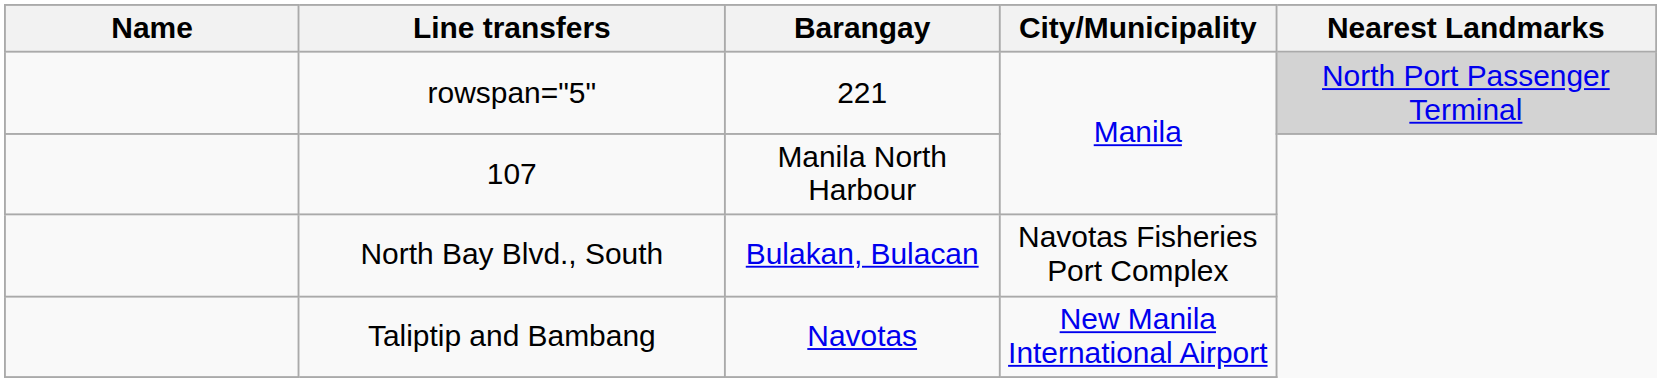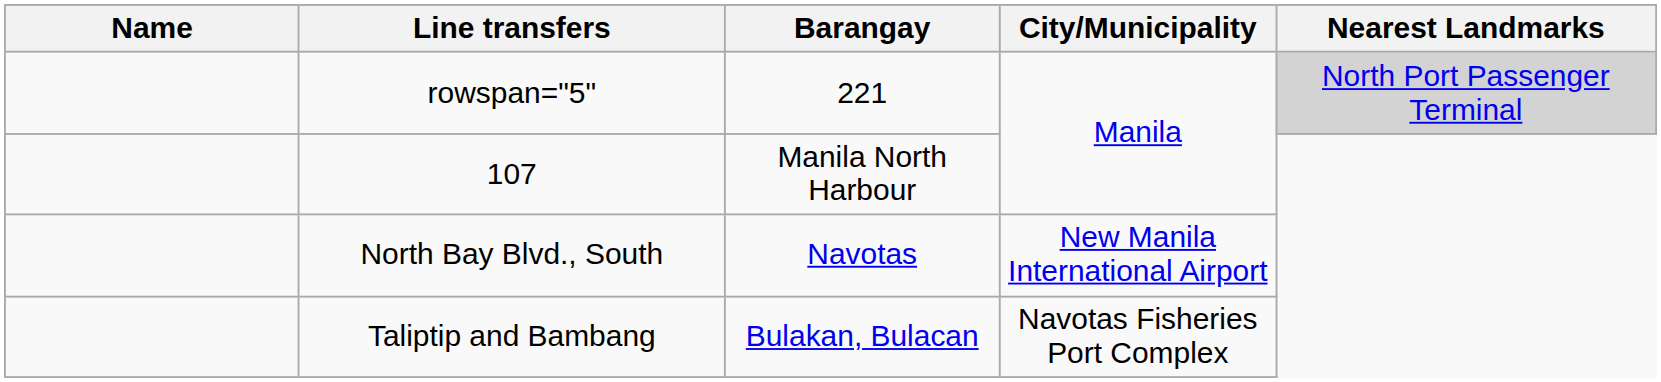 <table class="wikitable" style="margin-left: auto; margin-right: auto; border: none; text-align:center">
 <tr>
 <th width="150px">Name</th>
 <th width="220px">Line transfers</th>
 <th width="140px">Barangay</th>
 <th width="140px">City/Municipality</th>
 <th>Nearest Landmarks</th>
 </tr>
 <tr>
 <td><em></em></td>
 <td>rowspan="5" </td>
 <td>221</td>
 <td rowspan="2"><a href='#'>Manila</a></td>
 <td style="background: lightgrey;"><a href='#'>North Port Passenger Terminal</a></td>
 </tr>
 <tr>
 <td><em></em></td>
 <td>107</td>
 <td>Manila North Harbour</td>
 </tr>
 <tr>
 <td><em></em></td>
 <td>North Bay Blvd., South</td>
-<td><a href='#'>Bulakan, Bulacan</a></td>
-<td>Navotas Fisheries Port Complex</td>
+<td><a href='#'>Navotas</a></td>
+<td><a href='#'>New Manila International Airport</a></td>
 </tr>
 <tr>
 <td><em></em></td>
 <td>Taliptip and Bambang</td>
-<td><a href='#'>Navotas</a></td>
-<td><a href='#'>New Manila International Airport</a></td>
+<td><a href='#'>Bulakan, Bulacan</a></td>
+<td>Navotas Fisheries Port Complex</td>
 </tr>
 </table>
